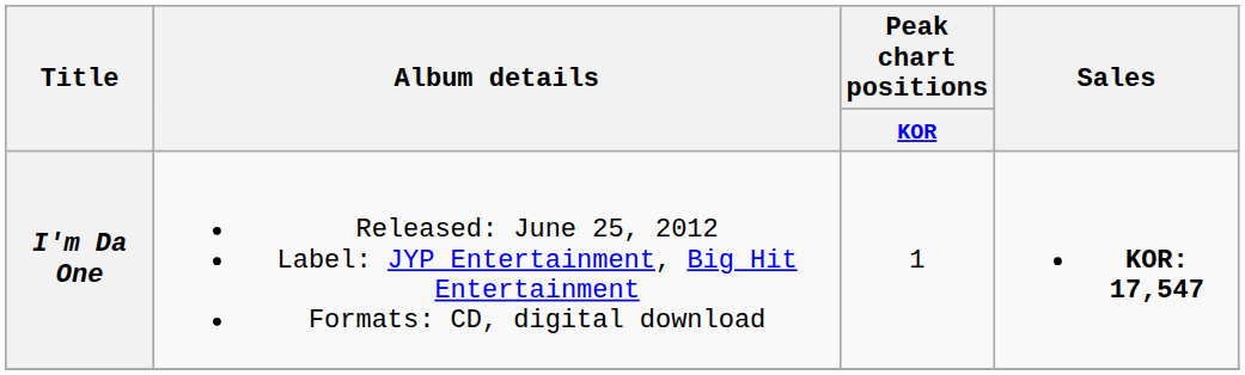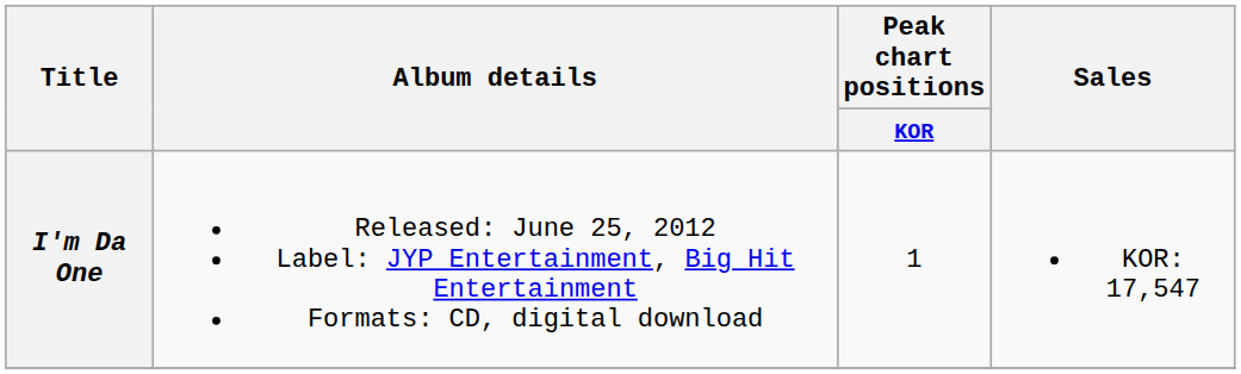 <table class="wikitable plainrowheaders" style="text-align:center;">
 <tr>
 <th scope="col" rowspan="2">Title</th>
 <th scope="col" rowspan="2">Album details</th>
 <th scope="col" colspan="1" style="width:5em;">Peak chart positions</th>
 <th scope="col" rowspan="2">Sales</th>
 </tr>
 <tr>
 <th><small><a href='#'>KOR</a></small><br></th>
 </tr>
 <tr>
 <th scope="row"><em>I'm Da One</em></th>
 <td><br><ul><li>Released: June 25, 2012</li><li>Label: <a href='#'>JYP Entertainment</a>, <a href='#'>Big Hit Entertainment</a></li><li>Formats: CD, digital download</li></ul></td>
 <td>1</td>
-<td><strong><br><ul><li>KOR: 17,547</li></ul></strong></td>
+<td><br><ul><li>KOR: 17,547</li></ul></td>
 </tr>
 <tr>
 </tr>
 </table>
